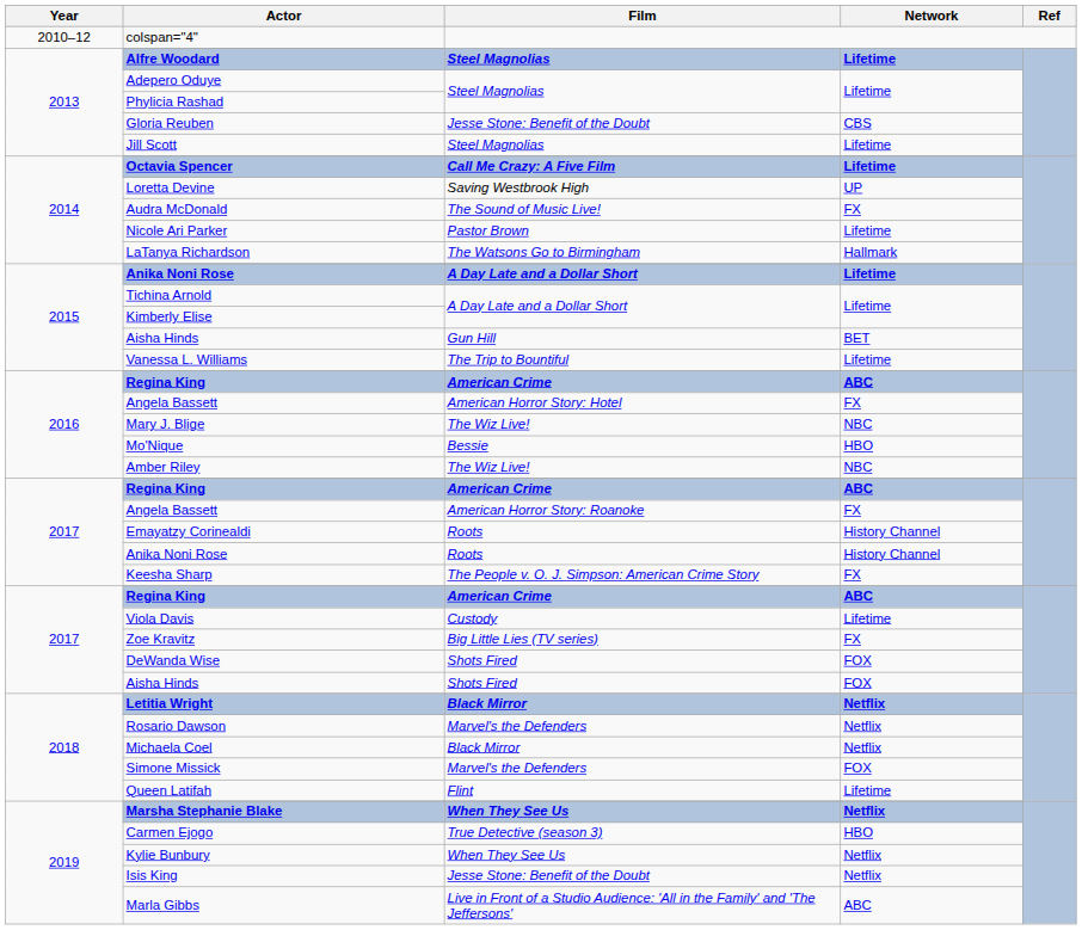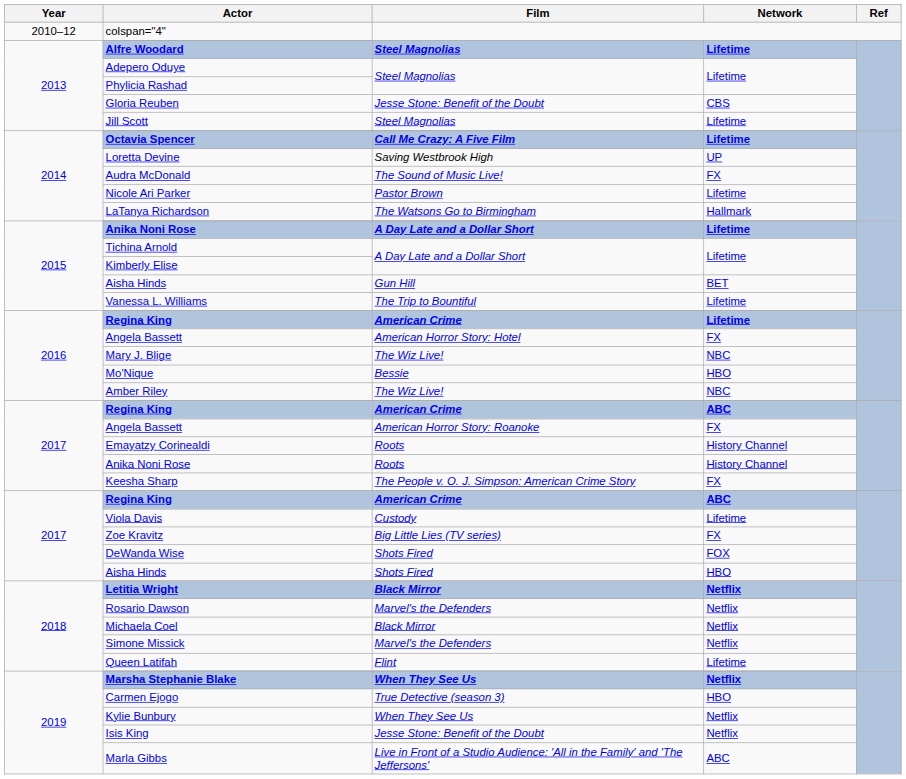 <table class="wikitable" style="width:100%;">
 <tr style="background:#bebebe;">
 <th style="width:11%;">Year</th>
 <th style="width:30%;">Actor</th>
 <th style="width:37%;">Film</th>
 <th style="width:17%;">Network</th>
 <th style="width:5%;">Ref</th>
 </tr>
 <tr>
 <td align="center">2010–12</td>
 <td>colspan="4" </td>
 </tr>
 <tr>
 <td rowspan="6" align="center"><a href='#'>2013</a></td>
 </tr>
 <tr style="background:#B0C4DE">
 <td><strong><a href='#'>Alfre Woodard</a></strong></td>
 <td><strong><em><a href='#'>Steel Magnolias</a></em></strong></td>
 <td><strong><a href='#'>Lifetime</a></strong></td>
 <td rowspan="6" align="center"></td>
 </tr>
 <tr>
 <td><a href='#'>Adepero Oduye</a></td>
 <td rowspan="2"><em><a href='#'>Steel Magnolias</a></em></td>
 <td rowspan="2"><a href='#'>Lifetime</a></td>
 </tr>
 <tr>
 <td><a href='#'>Phylicia Rashad</a></td>
 </tr>
 <tr>
 <td><a href='#'>Gloria Reuben</a></td>
 <td><em><a href='#'>Jesse Stone: Benefit of the Doubt</a></em></td>
 <td><a href='#'>CBS</a></td>
 </tr>
 <tr>
 <td><a href='#'>Jill Scott</a></td>
 <td><em><a href='#'>Steel Magnolias</a></em></td>
 <td><a href='#'>Lifetime</a></td>
 </tr>
 <tr>
 <td rowspan="6" align="center"><a href='#'>2014</a></td>
 </tr>
 <tr style="background:#B0C4DE">
 <td><strong><a href='#'>Octavia Spencer</a></strong></td>
 <td><strong><em><a href='#'>Call Me Crazy: A Five Film</a></em></strong></td>
 <td><strong><a href='#'>Lifetime</a></strong></td>
 <td rowspan="6" align="center"></td>
 </tr>
 <tr>
 <td><a href='#'>Loretta Devine</a></td>
 <td><em>Saving Westbrook High</em></td>
 <td><a href='#'>UP</a></td>
 </tr>
 <tr>
 <td><a href='#'>Audra McDonald</a></td>
 <td><em><a href='#'>The Sound of Music Live!</a></em></td>
 <td><a href='#'>FX</a></td>
 </tr>
 <tr>
 <td><a href='#'>Nicole Ari Parker</a></td>
 <td><em><a href='#'>Pastor Brown</a></em></td>
 <td><a href='#'>Lifetime</a></td>
 </tr>
 <tr>
 <td><a href='#'>LaTanya Richardson</a></td>
 <td><em><a href='#'>The Watsons Go to Birmingham</a></em></td>
 <td><a href='#'>Hallmark</a></td>
 </tr>
 <tr>
 <td rowspan="6" align="center"><a href='#'>2015</a></td>
 </tr>
 <tr style="background:#B0C4DE">
 <td><strong><a href='#'>Anika Noni Rose</a></strong></td>
 <td><strong><em><a href='#'>A Day Late and a Dollar Short</a></em></strong></td>
 <td><strong><a href='#'>Lifetime</a></strong></td>
 <td rowspan="6" align="center"></td>
 </tr>
 <tr>
 <td><a href='#'>Tichina Arnold</a></td>
 <td rowspan="2"><em><a href='#'>A Day Late and a Dollar Short</a></em></td>
 <td rowspan="2"><a href='#'>Lifetime</a></td>
 </tr>
 <tr>
 <td><a href='#'>Kimberly Elise</a></td>
 </tr>
 <tr>
 <td><a href='#'>Aisha Hinds</a></td>
 <td><em><a href='#'>Gun Hill</a></em></td>
 <td><a href='#'>BET</a></td>
 </tr>
 <tr>
 <td><a href='#'>Vanessa L. Williams</a></td>
 <td><em><a href='#'>The Trip to Bountiful</a></em></td>
 <td><a href='#'>Lifetime</a></td>
 </tr>
 <tr>
 <td rowspan="6" align="center"><a href='#'>2016</a></td>
 </tr>
 <tr style="background:#B0C4DE">
 <td><strong><a href='#'>Regina King</a></strong></td>
 <td><strong><em><a href='#'>American Crime</a></em></strong></td>
-<td><strong><a href='#'>ABC</a></strong></td>
+<td><strong><a href='#'>Lifetime</a></strong></td>
 <td rowspan="6" align="center"></td>
 </tr>
 <tr>
 <td><a href='#'>Angela Bassett</a></td>
 <td><em><a href='#'>American Horror Story: Hotel</a></em></td>
 <td><a href='#'>FX</a></td>
 </tr>
 <tr>
 <td><a href='#'>Mary J. Blige</a></td>
 <td><em><a href='#'>The Wiz Live!</a></em></td>
 <td><a href='#'>NBC</a></td>
 </tr>
 <tr>
 <td><a href='#'>Mo'Nique</a></td>
 <td><em><a href='#'>Bessie</a></em></td>
 <td><a href='#'>HBO</a></td>
 </tr>
 <tr>
 <td><a href='#'>Amber Riley</a></td>
 <td><em><a href='#'>The Wiz Live!</a></em></td>
 <td><a href='#'>NBC</a></td>
 </tr>
 <tr>
 <td rowspan="6" align="center"><a href='#'>2017</a></td>
 </tr>
 <tr style="background:#B0C4DE">
 <td><strong><a href='#'>Regina King</a></strong></td>
 <td><strong><em><a href='#'>American Crime</a></em></strong></td>
 <td><strong><a href='#'>ABC</a></strong></td>
 <td rowspan="6" align="center"></td>
 </tr>
 <tr>
 <td><a href='#'>Angela Bassett</a></td>
 <td><em><a href='#'>American Horror Story: Roanoke</a></em></td>
 <td><a href='#'>FX</a></td>
 </tr>
 <tr>
 <td><a href='#'>Emayatzy Corinealdi</a></td>
 <td><em><a href='#'>Roots</a></em></td>
 <td><a href='#'>History Channel</a></td>
 </tr>
 <tr>
 <td><a href='#'>Anika Noni Rose</a></td>
 <td><em><a href='#'>Roots</a></em></td>
 <td><a href='#'>History Channel</a></td>
 </tr>
 <tr>
 <td><a href='#'>Keesha Sharp</a></td>
 <td><em><a href='#'>The People v. O. J. Simpson: American Crime Story</a></em></td>
 <td><a href='#'>FX</a></td>
 </tr>
 <tr>
 <td rowspan="6" align="center"><a href='#'>2017</a></td>
 </tr>
 <tr style="background:#B0C4DE">
 <td><strong><a href='#'>Regina King</a></strong></td>
 <td><strong><em><a href='#'>American Crime</a></em></strong></td>
 <td><strong><a href='#'>ABC</a></strong></td>
 <td rowspan="6" align="center"></td>
 </tr>
 <tr>
 <td><a href='#'>Viola Davis</a></td>
 <td><em><a href='#'>Custody</a></em></td>
 <td><a href='#'>Lifetime</a></td>
 </tr>
 <tr>
 <td><a href='#'>Zoe Kravitz</a></td>
 <td><em><a href='#'>Big Little Lies (TV series)</a></em></td>
 <td><a href='#'>FX</a></td>
 </tr>
 <tr>
 <td><a href='#'>DeWanda Wise</a></td>
 <td><em><a href='#'>Shots Fired</a></em></td>
 <td><a href='#'>FOX</a></td>
 </tr>
 <tr>
 <td><a href='#'>Aisha Hinds</a></td>
 <td><em><a href='#'>Shots Fired</a></em></td>
-<td><a href='#'>FOX</a></td>
+<td><a href='#'>HBO</a></td>
 </tr>
 <tr>
 <td rowspan="6" align="center"><a href='#'>2018</a></td>
 </tr>
 <tr style="background:#B0C4DE">
 <td><strong><a href='#'>Letitia Wright</a></strong></td>
 <td><strong><em><a href='#'>Black Mirror</a></em></strong></td>
 <td><strong><a href='#'>Netflix</a></strong></td>
 <td rowspan="6" align="center"></td>
 </tr>
 <tr>
 <td><a href='#'>Rosario Dawson</a></td>
 <td><em><a href='#'>Marvel's the Defenders</a></em></td>
 <td><a href='#'>Netflix</a></td>
 </tr>
 <tr>
 <td><a href='#'>Michaela Coel</a></td>
 <td><em><a href='#'>Black Mirror</a></em></td>
 <td><a href='#'>Netflix</a></td>
 </tr>
 <tr>
 <td><a href='#'>Simone Missick</a></td>
 <td><em><a href='#'>Marvel's the Defenders</a></em></td>
-<td><a href='#'>FOX</a></td>
+<td><a href='#'>Netflix</a></td>
 </tr>
 <tr>
 <td><a href='#'>Queen Latifah</a></td>
 <td><em><a href='#'>Flint</a></em></td>
 <td><a href='#'>Lifetime</a></td>
 </tr>
 <tr>
 <td rowspan="6" align="center"><a href='#'>2019</a></td>
 </tr>
 <tr style="background:#B0C4DE">
 <td><strong><a href='#'>Marsha Stephanie Blake</a></strong></td>
 <td><strong><em><a href='#'>When They See Us</a></em></strong></td>
 <td><strong><a href='#'>Netflix</a></strong></td>
 <td rowspan="6" align="center"></td>
 </tr>
 <tr>
 <td><a href='#'>Carmen Ejogo</a></td>
 <td><em><a href='#'>True Detective (season 3)</a></em></td>
 <td><a href='#'>HBO</a></td>
 </tr>
 <tr>
 <td><a href='#'>Kylie Bunbury</a></td>
 <td><em><a href='#'>When They See Us</a></em></td>
 <td><a href='#'>Netflix</a></td>
 </tr>
 <tr>
 <td><a href='#'>Isis King</a></td>
 <td><em><a href='#'>Jesse Stone: Benefit of the Doubt</a></em></td>
 <td><a href='#'>Netflix</a></td>
 </tr>
 <tr>
 <td><a href='#'>Marla Gibbs</a></td>
 <td><em><a href='#'>Live in Front of a Studio Audience: 'All in the Family' and 'The Jeffersons'</a></em></td>
 <td><a href='#'>ABC</a></td>
 </tr>
 </table>
